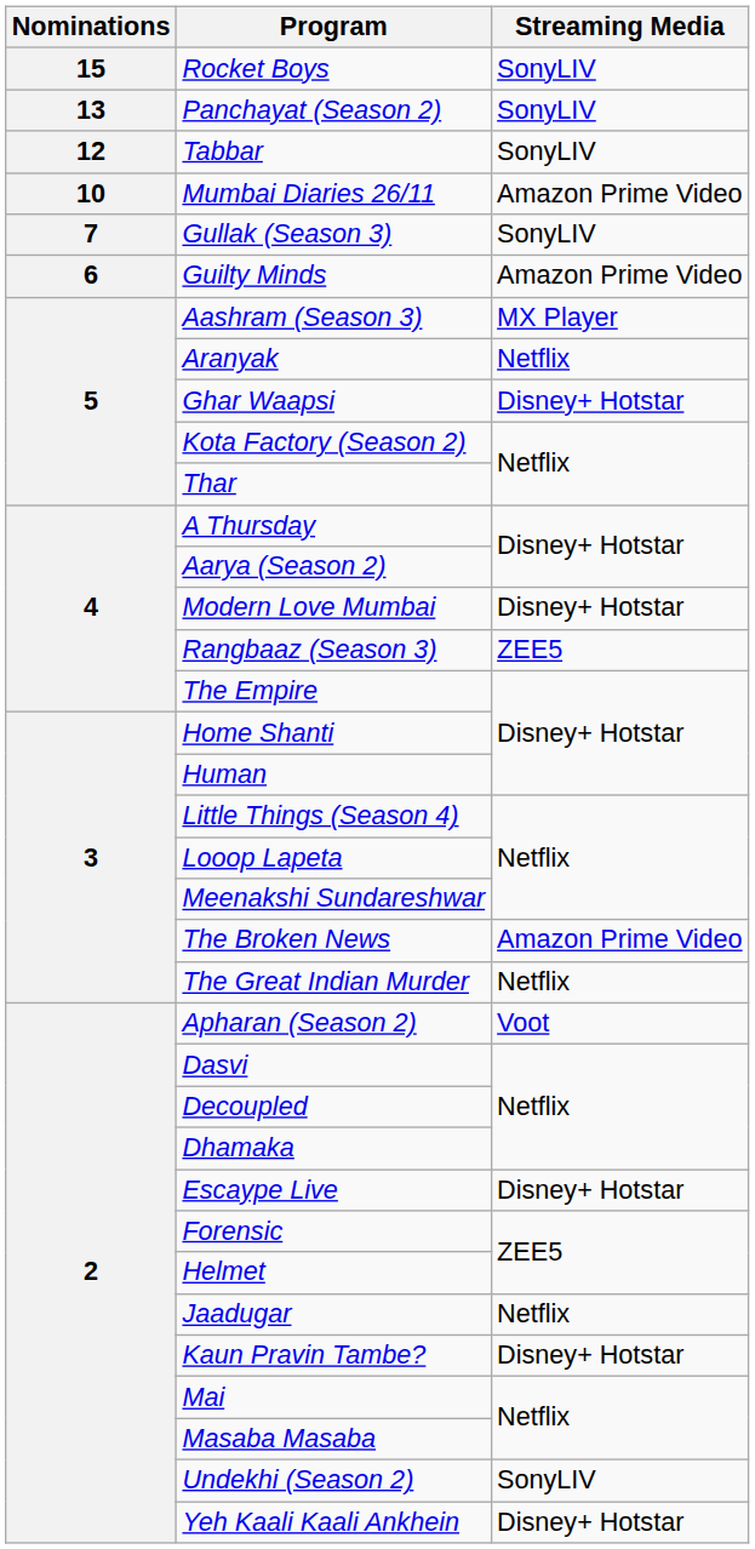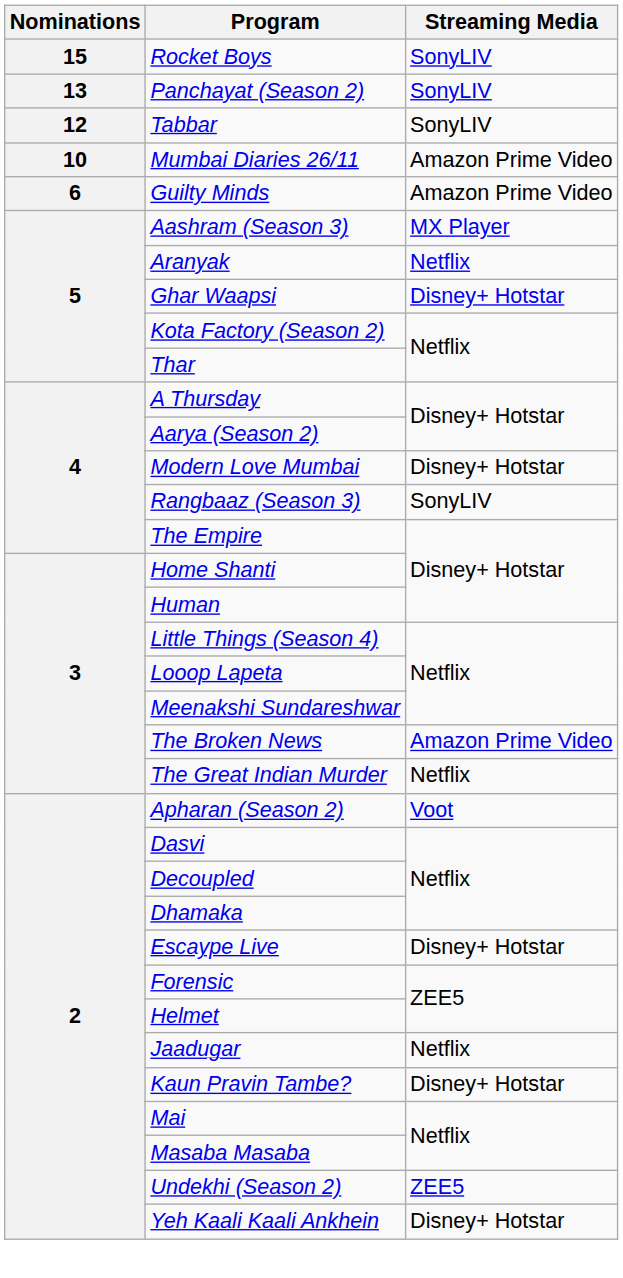 <table class="wikitable" style="display:inline-table;">
 <tr>
 <th>Nominations</th>
 <th>Program</th>
 <th>Streaming Media</th>
 </tr>
 <tr>
 <th>15</th>
 <td><a href='#'><em>Rocket Boys</em></a></td>
 <td><a href='#'>SonyLIV</a></td>
 </tr>
 <tr>
 <th>13</th>
 <td><em><a href='#'>Panchayat (Season 2)</a></em></td>
 <td><a href='#'>SonyLIV</a></td>
 </tr>
 <tr>
 <th>12</th>
 <td><em><a href='#'>Tabbar</a></em></td>
 <td>SonyLIV</td>
 </tr>
 <tr>
 <th>10</th>
 <td><em><a href='#'>Mumbai Diaries 26/11</a></em></td>
 <td>Amazon Prime Video</td>
-</tr>
-<tr>
-<th>7</th>
-<td><a href='#'><em>Gullak (Season 3)</em></a></td>
-<td>SonyLIV</td>
 </tr>
 <tr>
 <th>6</th>
 <td><em><a href='#'>Guilty Minds</a></em></td>
 <td>Amazon Prime Video</td>
 </tr>
 <tr>
 <th rowspan="5">5</th>
 <td><a href='#'><em>Aashram (Season 3)</em></a></td>
 <td><a href='#'>MX Player</a></td>
 </tr>
 <tr>
 <td><a href='#'><em>Aranyak</em></a></td>
 <td><a href='#'>Netflix</a></td>
 </tr>
 <tr>
 <td><em><a href='#'>Ghar Waapsi</a></em></td>
 <td><a href='#'>Disney+ Hotstar</a></td>
 </tr>
 <tr>
 <td><a href='#'><em>Kota Factory (Season 2)</em></a></td>
 <td rowspan="2">Netflix</td>
 </tr>
 <tr>
 <td><em><a href='#'>Thar</a></em></td>
 </tr>
 <tr>
 <th rowspan="5">4</th>
 <td><em><a href='#'>A Thursday</a></em></td>
 <td rowspan="2">Disney+ Hotstar</td>
 </tr>
 <tr>
 <td><a href='#'><em>Aarya (Season 2)</em></a></td>
 </tr>
 <tr>
 <td><em><a href='#'>Modern Love Mumbai</a></em></td>
 <td>Disney+ Hotstar</td>
 </tr>
 <tr>
 <td><a href='#'><em>Rangbaaz (Season 3)</em></a></td>
-<td><a href='#'>ZEE5</a></td>
+<td>SonyLIV</td>
 </tr>
 <tr>
 <td><em><a href='#'>The Empire</a></em></td>
 <td rowspan="3">Disney+ Hotstar</td>
 </tr>
 <tr>
 <th rowspan="7">3</th>
 <td><em><a href='#'>Home Shanti</a></em></td>
 </tr>
 <tr>
 <td><em><a href='#'>Human</a></em></td>
 </tr>
 <tr>
 <td><em><a href='#'>Little Things (Season 4)</a></em></td>
 <td rowspan="3">Netflix</td>
 </tr>
 <tr>
 <td><em><a href='#'>Looop Lapeta</a></em></td>
 </tr>
 <tr>
 <td><em><a href='#'>Meenakshi Sundareshwar</a></em></td>
 </tr>
 <tr>
 <td><em><a href='#'>The Broken News</a></em></td>
 <td><a href='#'>Amazon Prime Video</a></td>
 </tr>
 <tr>
 <td><a href='#'><em>The Great Indian Murder</em></a></td>
 <td>Netflix</td>
 </tr>
 <tr>
 <th rowspan="13">2</th>
 <td><em><a href='#'>Apharan (Season 2)</a></em></td>
 <td><a href='#'>Voot</a></td>
 </tr>
 <tr>
 <td><em><a href='#'>Dasvi</a></em></td>
 <td rowspan="3">Netflix</td>
 </tr>
 <tr>
 <td><em><a href='#'>Decoupled</a></em></td>
 </tr>
 <tr>
 <td><a href='#'><em>Dhamaka</em></a></td>
 </tr>
 <tr>
 <td><em><a href='#'>Escaype Live</a></em></td>
 <td>Disney+ Hotstar</td>
 </tr>
 <tr>
 <td><em><a href='#'>Forensic</a></em></td>
 <td rowspan="2">ZEE5</td>
 </tr>
 <tr>
 <td><a href='#'><em>Helmet</em></a></td>
 </tr>
 <tr>
 <td><a href='#'><em>Jaadugar</em></a></td>
 <td>Netflix</td>
 </tr>
 <tr>
 <td><em><a href='#'>Kaun Pravin Tambe?</a></em></td>
 <td>Disney+ Hotstar</td>
 </tr>
 <tr>
 <td><a href='#'><em>Mai</em></a></td>
 <td rowspan="2">Netflix</td>
 </tr>
 <tr>
 <td><em><a href='#'>Masaba Masaba</a></em></td>
 </tr>
 <tr>
 <td><a href='#'><em>Undekhi (Season 2)</em></a></td>
-<td>SonyLIV</td>
+<td><a href='#'>ZEE5</a></td>
 </tr>
 <tr>
 <td><em><a href='#'>Yeh Kaali Kaali Ankhein</a></em></td>
 <td>Disney+ Hotstar</td>
 </tr>
 </table>
